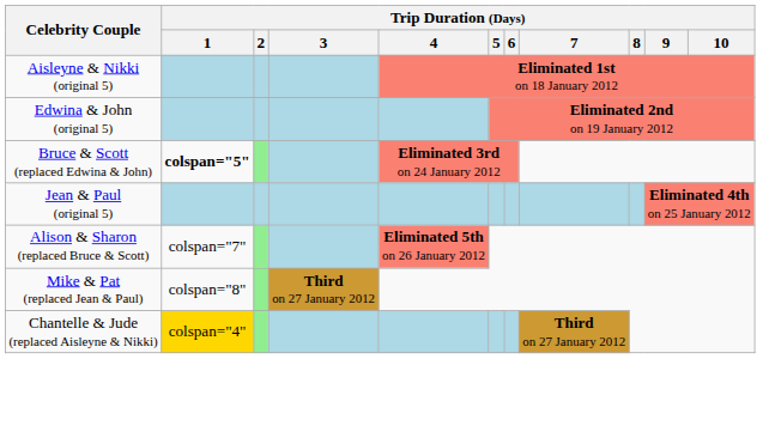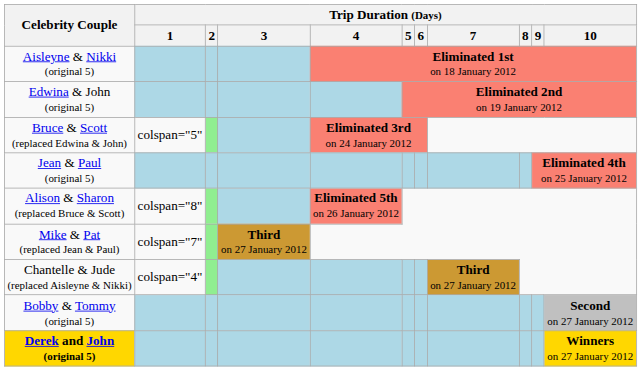 <table class="wikitable" style="text-align:center;">
 <tr>
 <th rowspan="2">Celebrity Couple</th>
 <th colspan="10">Trip Duration <small>(Days)</small></th>
 </tr>
 <tr>
 <th>1</th>
 <th>2</th>
 <th>3</th>
 <th>4</th>
 <th>5</th>
 <th>6</th>
 <th>7</th>
 <th>8</th>
 <th>9</th>
 <th>10</th>
 </tr>
 <tr>
 <td><a href='#'>Aisleyne</a> & <a href='#'>Nikki</a><br><small>(original 5)</small></td>
 <td style="background:lightblue;"></td>
 <td style="background:lightblue;"></td>
 <td style="background:lightblue;"></td>
 <td colspan="7" style="background:salmon;"><strong>Eliminated 1st</strong><br><small>on 18 January 2012</small></td>
 </tr>
 <tr>
 <td><a href='#'>Edwina</a> & John<br><small>(original 5)</small></td>
 <td style="background:lightblue;"></td>
 <td style="background:lightblue;"></td>
 <td style="background:lightblue;"></td>
 <td style="background:lightblue;"></td>
 <td colspan="6" style="background:salmon;"><strong>Eliminated 2nd</strong><br><small>on 19 January 2012</small></td>
 </tr>
 <tr>
 <td><a href='#'>Bruce</a> & <a href='#'>Scott</a><br><small>(replaced Edwina & John)</small></td>
-<td><strong>colspan="5" </strong></td>
+<td>colspan="5" </td>
 <td style="background:lightgreen;"></td>
 <td style="background:lightblue;"></td>
 <td colspan="3" style="background:salmon;"><strong>Eliminated 3rd</strong><br><small>on 24 January 2012</small></td>
 </tr>
 <tr>
 <td><a href='#'>Jean</a> & <a href='#'>Paul</a><br><small>(original 5)</small></td>
 <td style="background:lightblue;"></td>
 <td style="background:lightblue;"></td>
 <td style="background:lightblue;"></td>
 <td style="background:lightblue;"></td>
 <td style="background:lightblue;"></td>
 <td style="background:lightblue;"></td>
 <td style="background:lightblue;"></td>
 <td style="background:lightblue;"></td>
 <td colspan="2" style="background:salmon;"><strong>Eliminated 4th</strong><br><small>on 25 January 2012</small></td>
 </tr>
 <tr>
 <td><a href='#'>Alison</a> & <a href='#'>Sharon</a><br><small>(replaced Bruce & Scott)</small></td>
-<td>colspan="7" </td>
+<td>colspan="8" </td>
 <td style="background:lightgreen;"></td>
 <td style="background:lightblue;"></td>
 <td colspan="1" style="background:salmon;"><strong>Eliminated 5th</strong><br><small>on 26 January 2012</small></td>
 </tr>
 <tr>
 <td><a href='#'>Mike</a> & <a href='#'>Pat</a><br><small>(replaced Jean & Paul)</small></td>
-<td>colspan="8" </td>
+<td>colspan="7" </td>
 <td style="background:lightgreen;"></td>
 <td style="background:#cc9933;"><strong>Third</strong><br><small>on 27 January 2012</small></td>
 </tr>
 <tr>
 <td>Chantelle & Jude<br><small>(replaced Aisleyne & Nikki)</small></td>
-<td style="background: gold;">colspan="4" </td>
+<td>colspan="4" </td>
 <td style="background:lightgreen;"></td>
 <td style="background:lightblue;"></td>
 <td style="background:lightblue;"></td>
 <td style="background:lightblue;"></td>
 <td style="background:lightblue;"></td>
 <td style="background:#cc9933;"><strong>Third</strong><br><small>on 27 January 2012</small></td>
 </tr>
+<tr>
+<td><a href='#'>Bobby</a> & <a href='#'>Tommy</a><br><small>(original 5)</small></td>
+<td style="background:lightblue;"></td>
+<td style="background:lightblue;"></td>
+<td style="background:lightblue;"></td>
+<td style="background:lightblue;"></td>
+<td style="background:lightblue;"></td>
+<td style="background:lightblue;"></td>
+<td style="background:lightblue;"></td>
+<td style="background:lightblue;"></td>
+<td style="background:lightblue;"></td>
+<td style="background:silver;"><strong>Second</strong><br><small>on 27 January 2012</small></td>
+</tr>
+<tr>
+<td style="background:gold;"><strong><a href='#'>Derek</a> and <a href='#'>John</a></strong><br><small><strong>(original 5)</strong></small></td>
+<td style="background:lightblue;"></td>
+<td style="background:lightblue;"></td>
+<td style="background:lightblue;"></td>
+<td style="background:lightblue;"></td>
+<td style="background:lightblue;"></td>
+<td style="background:lightblue;"></td>
+<td style="background:lightblue;"></td>
+<td style="background:lightblue;"></td>
+<td style="background:lightblue;"></td>
+<td style="background:gold;"><strong>Winners</strong><br><small>on 27 January 2012</small></td>
+</tr>
 </table>
